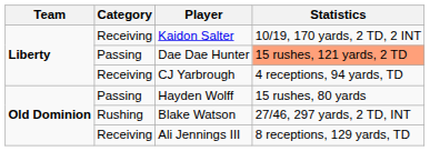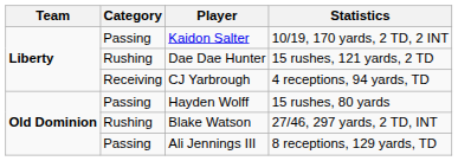 <table class="wikitable" style="float: right;">
 <tr>
 <th>Team</th>
 <th>Category</th>
 <th>Player</th>
 <th>Statistics</th>
 </tr>
 <tr>
 <td rowspan=3><strong>Liberty</strong></td>
-<td>Receiving</td>
+<td>Passing</td>
 <td><a href='#'>Kaidon Salter</a></td>
 <td>10/19, 170 yards, 2 TD, 2 INT</td>
 </tr>
 <tr>
-<td>Passing</td>
+<td>Rushing</td>
 <td>Dae Dae Hunter</td>
-<td style="background: lightsalmon;">15 rushes, 121 yards, 2 TD</td>
+<td>15 rushes, 121 yards, 2 TD</td>
 </tr>
 <tr>
 <td>Receiving</td>
 <td>CJ Yarbrough</td>
 <td>4 receptions, 94 yards, TD</td>
 </tr>
 <tr>
 <td rowspan=3><strong>Old Dominion</strong></td>
 <td>Passing</td>
 <td>Hayden Wolff</td>
 <td>15 rushes, 80 yards</td>
 </tr>
 <tr>
 <td>Rushing</td>
 <td>Blake Watson</td>
 <td>27/46, 297 yards, 2 TD, INT</td>
 </tr>
 <tr>
-<td>Receiving</td>
+<td>Passing</td>
 <td>Ali Jennings III</td>
 <td>8 receptions, 129 yards, TD</td>
 </tr>
 </table>
